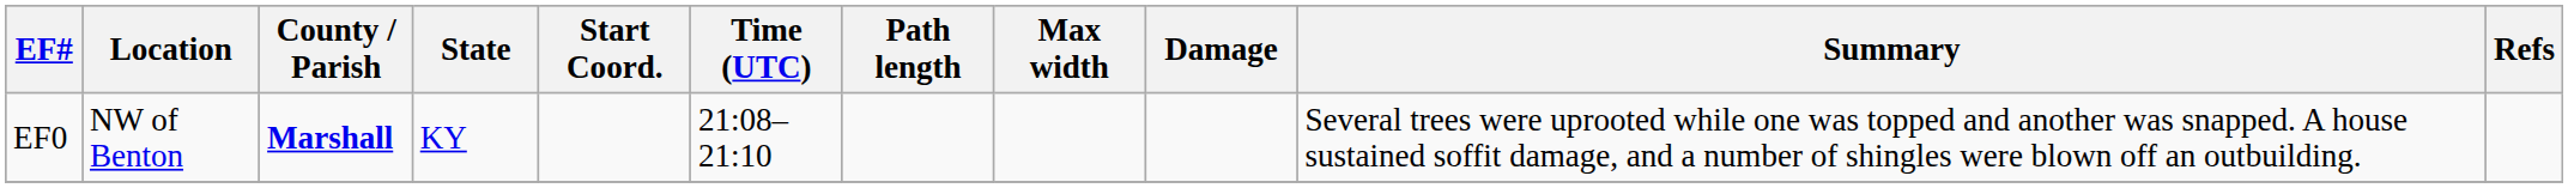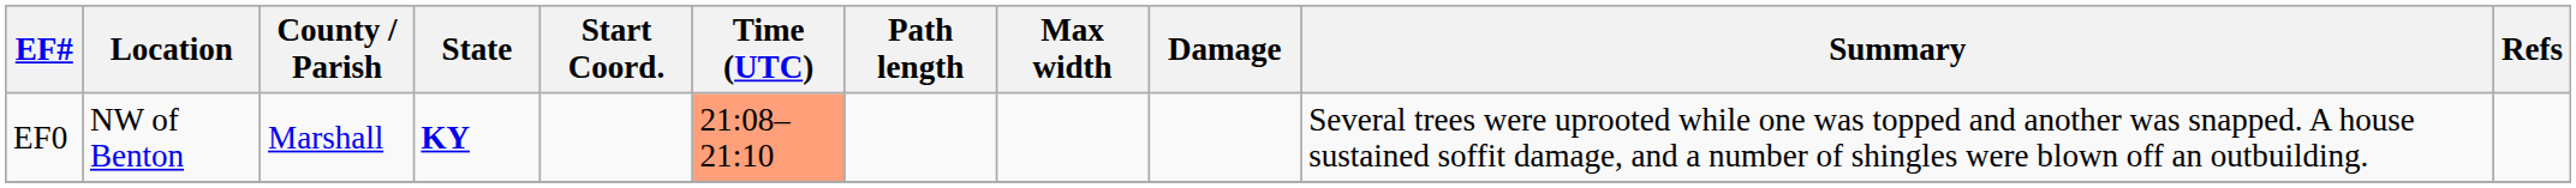 <table class="wikitable sortable" style="width:100%;">
 <tr>
 <th scope="col"  style="width:3%; text-align:center;"><a href='#'>EF#</a></th>
 <th scope="col"  style="width:7%; text-align:center;" class="unsortable">Location</th>
 <th scope="col"  style="width:6%; text-align:center;" class="unsortable">County / Parish</th>
 <th scope="col"  style="width:5%; text-align:center;">State</th>
 <th scope="col"  style="width:6%; text-align:center;">Start Coord.</th>
 <th scope="col"  style="width:6%; text-align:center;">Time (<a href='#'>UTC</a>)</th>
 <th scope="col"  style="width:6%; text-align:center;">Path length</th>
 <th scope="col"  style="width:6%; text-align:center;">Max width</th>
 <th scope="col"  style="width:6%; text-align:center;">Damage</th>
 <th scope="col" class="unsortable" style="width:48%; text-align:center;">Summary</th>
 <th scope="col" class="unsortable" style="width:48%; text-align:center;">Refs</th>
 </tr>
 <tr>
 <td>EF0</td>
 <td>NW of <a href='#'>Benton</a></td>
-<td><strong><a href='#'>Marshall</a></strong></td>
-<td><a href='#'>KY</a></td>
+<td><a href='#'>Marshall</a></td>
+<td><strong><a href='#'>KY</a></strong></td>
 <td></td>
-<td>21:08–21:10</td>
+<td style="background: lightsalmon;">21:08–21:10</td>
 <td></td>
 <td></td>
 <td></td>
 <td>Several trees were uprooted while one was topped and another was snapped. A house sustained soffit damage, and a number of shingles were blown off an outbuilding.</td>
 <td></td>
 </tr>
 <tr>
 </tr>
 </table>
